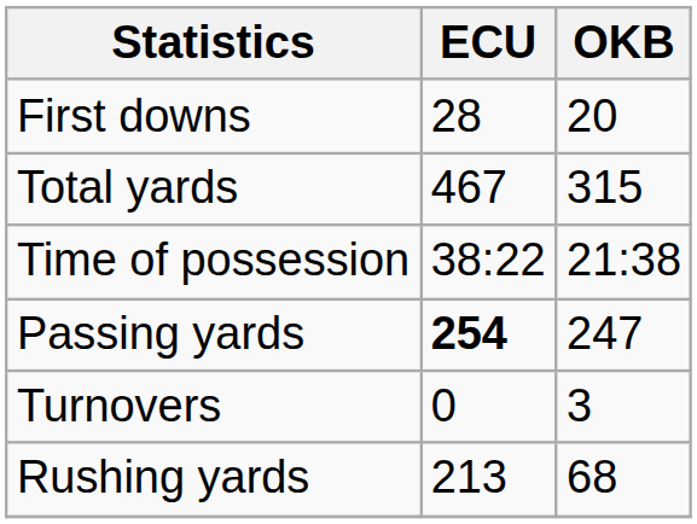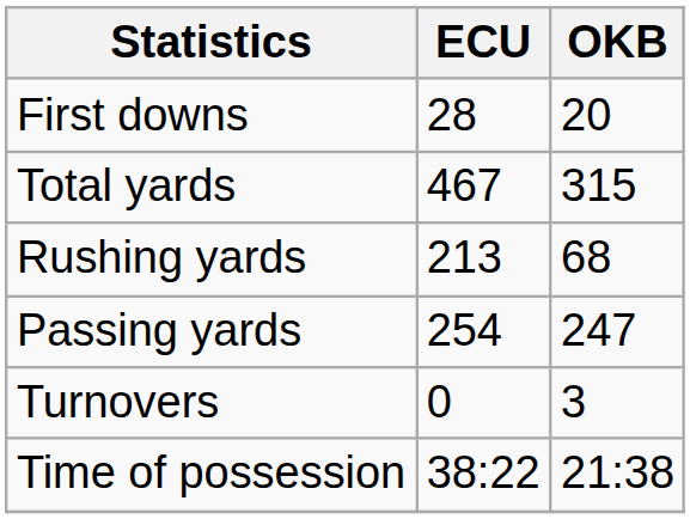 <table class="wikitable" style="float: left;">
 <tr>
 <th>Statistics</th>
 <th>ECU</th>
 <th>OKB</th>
 </tr>
 <tr>
 <td>First downs</td>
 <td>28</td>
 <td>20</td>
 </tr>
 <tr>
 <td>Total yards</td>
 <td>467</td>
 <td>315</td>
 </tr>
 <tr>
-<td>Time of possession</td>
-<td>38:22</td>
-<td>21:38</td>
+<td>Rushing yards</td>
+<td>213</td>
+<td>68</td>
 </tr>
 <tr>
 <td>Passing yards</td>
-<td><strong>254</strong></td>
+<td>254</td>
 <td>247</td>
 </tr>
 <tr>
 <td>Turnovers</td>
 <td>0</td>
 <td>3</td>
 </tr>
 <tr>
-<td>Rushing yards</td>
-<td>213</td>
-<td>68</td>
+<td>Time of possession</td>
+<td>38:22</td>
+<td>21:38</td>
 </tr>
 <tr>
 </tr>
 </table>
